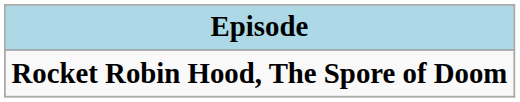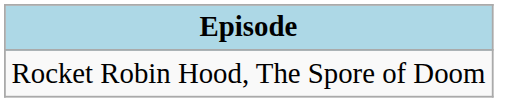 <table class="wikitable collapsible">
 <tr bgcolor="#add8e6">
 <th style="background-color:#ADD8E6;">Episode</th>
 </tr>
 <tr>
-<td><strong>Rocket Robin Hood, The Spore of Doom</strong></td>
+<td>Rocket Robin Hood, The Spore of Doom</td>
 </tr>
 </table>
